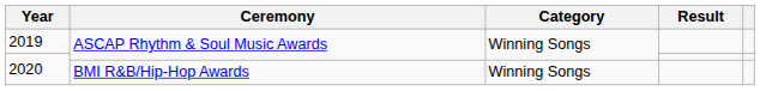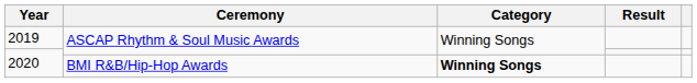 <table class="wikitable sortable plainrowheaders" style="width: 50%;">
 <tr>
 <th scope="col">Year</th>
 <th scope="col">Ceremony</th>
 <th scope="col">Category</th>
 <th scope="col">Result</th>
 <th scope="col" class="unsortable"></th>
 </tr>
 <tr>
 <td>2019</td>
 <td rowspan=2><a href='#'>ASCAP Rhythm & Soul Music Awards</a></td>
 <td rowspan=2>Winning Songs</td>
 <td></td>
 <td style="text-align:center;"></td>
 </tr>
 <tr>
 <td rowspan=2>2020</td>
 <td></td>
 <td style="text-align:center;"></td>
 </tr>
 <tr>
 <td><a href='#'>BMI R&B/Hip-Hop Awards</a></td>
-<td>Winning Songs</td>
+<td><strong>Winning Songs</strong></td>
 <td></td>
 <td style="text-align:center;"></td>
 </tr>
 </table>
